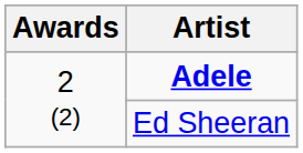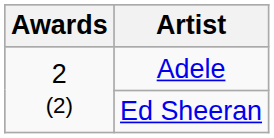 <table class="wikitable" rowspan="2" style="text-align:center;">
 <tr>
 <th scope="col" style="width:55px;">Awards</th>
 <th scope="col" style="text-align:center;">Artist</th>
 </tr>
 <tr>
 <td rowspan="2">2<br><small>(2)</small></td>
-<td><strong><a href='#'>Adele</a></strong></td>
+<td><a href='#'>Adele</a></td>
 </tr>
 <tr>
 <td><a href='#'>Ed Sheeran</a></td>
 </tr>
 </table>
